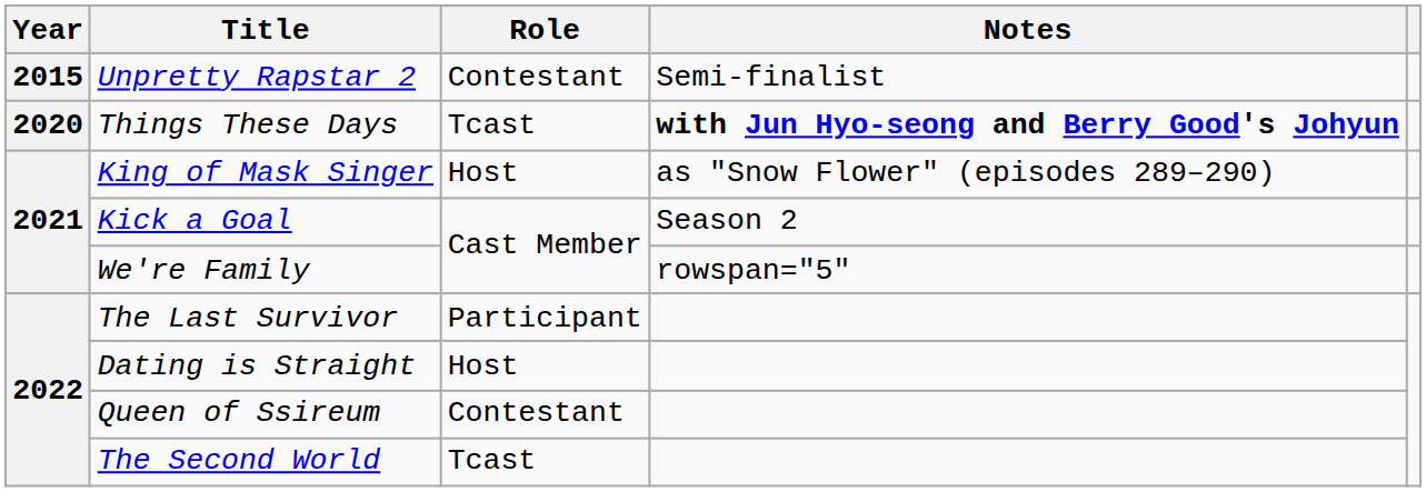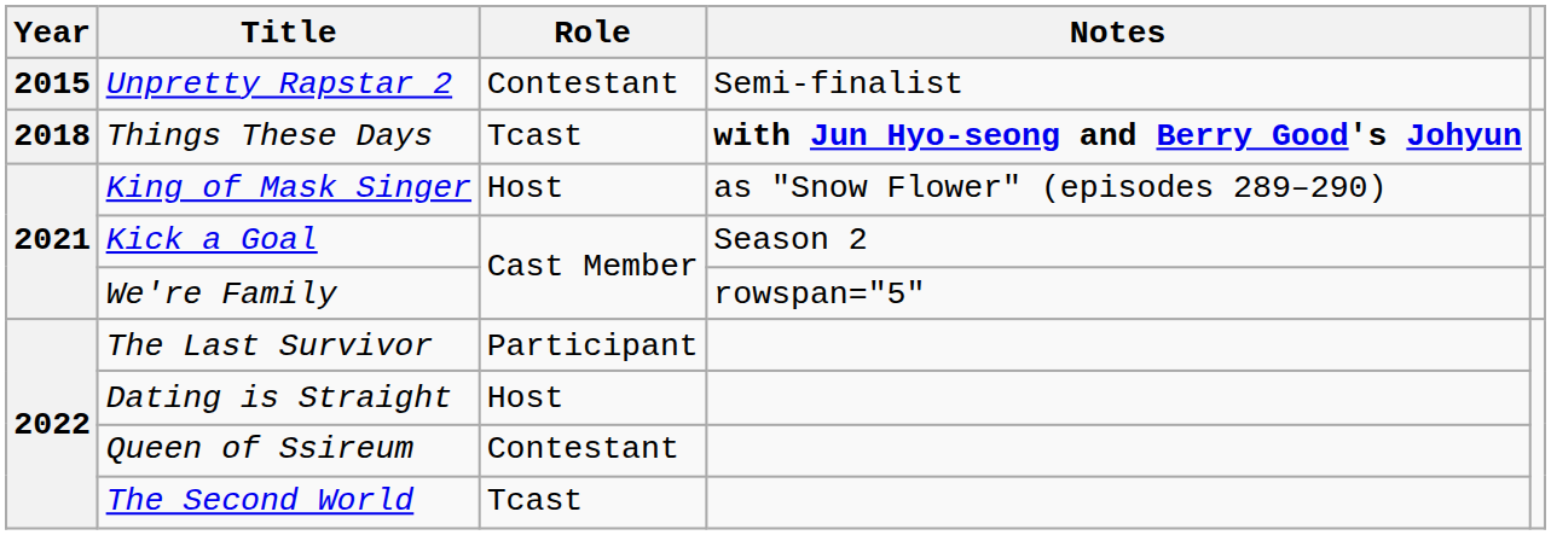 <table class="wikitable plainrowheaders">
 <tr>
 <th scope="col">Year</th>
 <th scope="col">Title</th>
 <th scope="col">Role</th>
 <th scope="col">Notes</th>
 <th scope="col" class="unsortable"></th>
 </tr>
 <tr>
 <th scope="row">2015</th>
 <td><em><a href='#'>Unpretty Rapstar 2</a></em></td>
 <td>Contestant</td>
 <td>Semi-finalist</td>
 <td style="text-align:center"></td>
 </tr>
 <tr>
-<th scope="row">2020</th>
+<th scope="row">2018</th>
 <td><em>Things These Days</em></td>
 <td>Tcast</td>
 <td><strong>with <a href='#'>Jun Hyo-seong</a> and <a href='#'>Berry Good</a>'s <a href='#'>Johyun</a></strong></td>
 <td style="text-align:center"></td>
 </tr>
 <tr>
 <th scope="row"  rowspan="3">2021</th>
 <td><em><a href='#'>King of Mask Singer</a></em></td>
 <td>Host</td>
 <td>as "Snow Flower" (episodes 289–290)</td>
 <td style="text-align:center"></td>
 </tr>
 <tr>
 <td><em><a href='#'>Kick a Goal</a></em></td>
 <td rowspan="2">Cast Member</td>
 <td>Season 2</td>
 <td style="text-align:center"></td>
 </tr>
 <tr>
 <td><em>We're Family</em></td>
 <td>rowspan="5" </td>
 <td style="text-align:center"></td>
 </tr>
 <tr>
 <th scope="row" rowspan="4">2022</th>
 <td><em>The Last Survivor</em></td>
 <td>Participant</td>
 <td style="text-align:center"></td>
 </tr>
 <tr>
 <td><em>Dating is Straight</em></td>
 <td>Host</td>
 <td style="text-align:center"></td>
 </tr>
 <tr>
 <td><em>Queen of Ssireum</em></td>
 <td>Contestant</td>
 <td style="text-align:center"></td>
 </tr>
 <tr>
 <td><em><a href='#'>The Second World</a></em></td>
 <td>Tcast</td>
 <td style="text-align:center"></td>
 </tr>
 </table>
